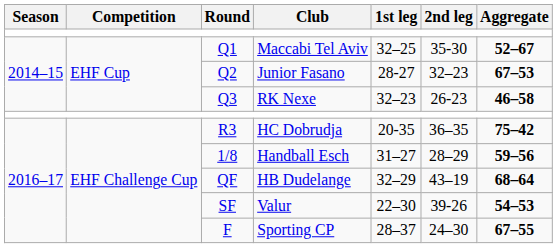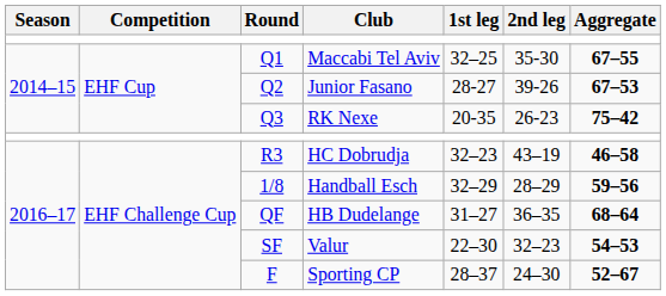 <table class="wikitable">
 <tr>
 <th>Season</th>
 <th>Competition</th>
 <th>Round</th>
 <th>Club</th>
 <th>1st leg</th>
 <th>2nd leg</th>
 <th>Aggregate</th>
 </tr>
 <tr>
 <td colspan="7" bgcolor=white></td>
 </tr>
 <tr>
 <td rowspan="3"><a href='#'>2014–15</a></td>
 <td rowspan="3"><a href='#'>EHF Cup</a></td>
 <td style="text-align:center;"><a href='#'>Q1</a></td>
 <td> <a href='#'>Maccabi Tel Aviv</a></td>
 <td style="text-align:center;">32–25</td>
 <td style="text-align:center;">35-30</td>
-<td style="text-align:center;"><strong>52–67</strong></td>
+<td style="text-align:center;"><strong>67–55</strong></td>
 </tr>
 <tr>
 <td style="text-align:center;"><a href='#'>Q2</a></td>
 <td> <a href='#'>Junior Fasano</a></td>
 <td style="text-align:center;">28-27</td>
-<td style="text-align:center;">32–23</td>
+<td style="text-align:center;">39-26</td>
 <td style="text-align:center;"><strong>67–53</strong></td>
 </tr>
 <tr>
 <td style="text-align:center;"><a href='#'>Q3</a></td>
 <td> <a href='#'>RK Nexe</a></td>
-<td style="text-align:center;">32–23</td>
+<td style="text-align:center;">20-35</td>
 <td style="text-align:center;">26-23</td>
-<td style="text-align:center;"><strong>46–58</strong></td>
+<td style="text-align:center;"><strong>75–42</strong></td>
 </tr>
 <tr>
 <td colspan="7" bgcolor=white></td>
 </tr>
 <tr>
 <td rowspan="5"><a href='#'>2016–17</a></td>
 <td rowspan="5"><a href='#'>EHF Challenge Cup</a></td>
 <td style="text-align:center;"><a href='#'>R3</a></td>
 <td> <a href='#'>HC Dobrudja</a></td>
-<td style="text-align:center;">20-35</td>
-<td style="text-align:center;">36–35</td>
-<td style="text-align:center;"><strong>75–42</strong></td>
+<td style="text-align:center;">32–23</td>
+<td style="text-align:center;">43–19</td>
+<td style="text-align:center;"><strong>46–58</strong></td>
 </tr>
 <tr>
 <td style="text-align:center;"><a href='#'>1/8</a></td>
 <td> <a href='#'>Handball Esch</a></td>
-<td style="text-align:center;">31–27</td>
+<td style="text-align:center;">32–29</td>
 <td style="text-align:center;">28–29</td>
 <td style="text-align:center;"><strong>59–56</strong></td>
 </tr>
 <tr>
 <td style="text-align:center;"><a href='#'>QF</a></td>
 <td> <a href='#'>HB Dudelange</a></td>
-<td style="text-align:center;">32–29</td>
-<td style="text-align:center;">43–19</td>
+<td style="text-align:center;">31–27</td>
+<td style="text-align:center;">36–35</td>
 <td style="text-align:center;"><strong>68–64</strong></td>
 </tr>
 <tr>
 <td style="text-align:center;"><a href='#'>SF</a></td>
 <td> <a href='#'>Valur</a></td>
 <td style="text-align:center;">22–30</td>
-<td style="text-align:center;">39-26</td>
+<td style="text-align:center;">32–23</td>
 <td style="text-align:center;"><strong>54–53</strong></td>
 </tr>
 <tr>
 <td style="text-align:center;"><a href='#'>F</a></td>
 <td> <a href='#'>Sporting CP</a></td>
 <td style="text-align:center;">28–37</td>
 <td style="text-align:center;">24–30</td>
-<td style="text-align:center;"><strong>67–55</strong></td>
+<td style="text-align:center;"><strong>52–67</strong></td>
 </tr>
 </table>
